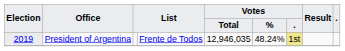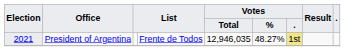 <table class="wikitable" style="font-size:90%; text-align:center;">
 <tr>
 <th style="background-color:#EAECF0;" rowspan=2>Election</th>
 <th style="background-color:#EAECF0;" rowspan=2>Office</th>
 <th style="background-color:#EAECF0;" colspan=2 rowspan=2>List</th>
 <th style="background-color:#EAECF0;" colspan=3>Votes</th>
 <th style="background-color:#EAECF0;" rowspan=2>Result</th>
 <th style="background-color:#EAECF0;" rowspan=2>.</th>
 </tr>
 <tr>
 <th style="background-color:#EAECF0;">Total</th>
 <th style="background-color:#EAECF0;">%</th>
 <th style="background-color:#EAECF0;">.</th>
 </tr>
 <tr>
-<td style="background-color:#EAECF0;"><a href='#'>2019</a></td>
+<td style="background-color:#EAECF0;"><a href='#'>2021</a></td>
 <td><a href='#'>President of Argentina</a></td>
 <td style="background-color:"></td>
 <td><a href='#'>Frente de Todos</a></td>
 <td>12,946,035</td>
-<td>48.24%</td>
+<td>48.27%</td>
 <td style="background: khaki;">1st</td>
 <td></td>
 <td></td>
 </tr>
 <tr>
 </tr>
 </table>
